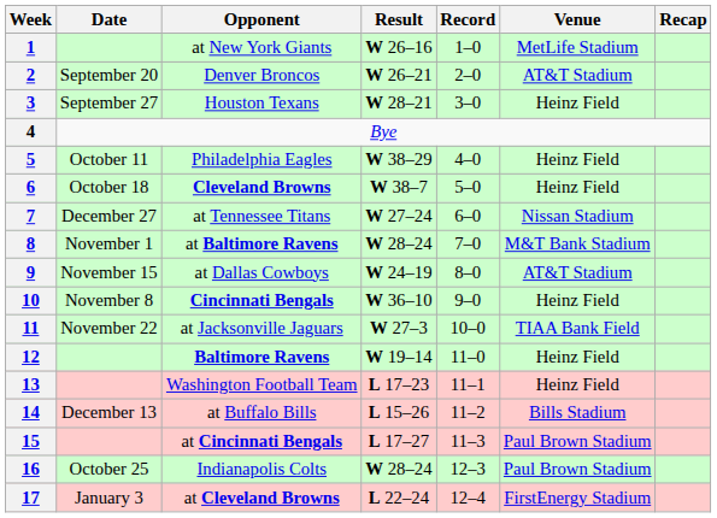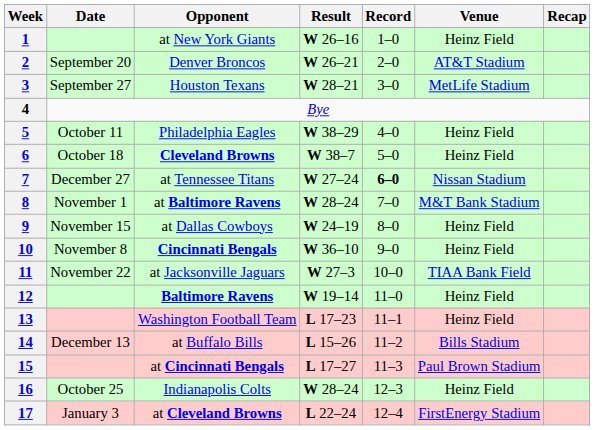 <table class="wikitable" style="text-align:center">
 <tr>
 <th>Week</th>
 <th>Date</th>
 <th>Opponent</th>
 <th>Result</th>
 <th>Record</th>
 <th>Venue</th>
 <th>Recap</th>
 </tr>
 <tr style="background:#cfc">
 <th><a href='#'>1</a></th>
 <td></td>
 <td>at <a href='#'>New York Giants</a></td>
 <td><strong>W</strong> 26–16</td>
 <td>1–0</td>
-<td><a href='#'>MetLife Stadium</a></td>
+<td>Heinz Field</td>
 <td></td>
 </tr>
 <tr style="background:#cfc">
 <th><a href='#'>2</a></th>
 <td>September 20</td>
 <td><a href='#'>Denver Broncos</a></td>
 <td><strong>W</strong> 26–21</td>
 <td>2–0</td>
 <td><a href='#'>AT&T Stadium</a></td>
 <td></td>
 </tr>
 <tr style="background:#cfc">
 <th><a href='#'>3</a></th>
 <td>September 27</td>
 <td><a href='#'>Houston Texans</a></td>
 <td><strong>W</strong> 28–21</td>
 <td>3–0</td>
-<td>Heinz Field</td>
+<td><a href='#'>MetLife Stadium</a></td>
 <td></td>
 </tr>
 <tr>
 <th>4</th>
 <td colspan="6"><em><a href='#'>Bye</a></em></td>
 </tr>
 <tr style="background:#cfc">
 <th><a href='#'>5</a></th>
 <td>October 11</td>
 <td><a href='#'>Philadelphia Eagles</a></td>
 <td><strong>W</strong> 38–29</td>
 <td>4–0</td>
 <td>Heinz Field</td>
 <td></td>
 </tr>
 <tr style="background:#cfc">
 <th><a href='#'>6</a></th>
 <td>October 18</td>
 <td><strong><a href='#'>Cleveland Browns</a></strong></td>
 <td><strong>W</strong> 38–7</td>
 <td>5–0</td>
 <td>Heinz Field</td>
 <td></td>
 </tr>
 <tr style="background:#cfc">
 <th><a href='#'>7</a></th>
 <td>December 27</td>
 <td>at <a href='#'>Tennessee Titans</a></td>
 <td><strong>W</strong> 27–24</td>
-<td>6–0</td>
+<td><strong>6–0</strong></td>
 <td><a href='#'>Nissan Stadium</a></td>
 <td></td>
 </tr>
 <tr style="background:#cfc">
 <th><a href='#'>8</a></th>
 <td>November 1</td>
 <td>at <strong><a href='#'>Baltimore Ravens</a></strong></td>
 <td><strong>W</strong> 28–24</td>
 <td>7–0</td>
 <td><a href='#'>M&T Bank Stadium</a></td>
 <td></td>
 </tr>
 <tr style="background:#cfc">
 <th><a href='#'>9</a></th>
 <td>November 15</td>
 <td>at <a href='#'>Dallas Cowboys</a></td>
 <td><strong>W</strong> 24–19</td>
 <td>8–0</td>
-<td><a href='#'>AT&T Stadium</a></td>
+<td>Heinz Field</td>
 <td></td>
 </tr>
 <tr style="background:#cfc">
 <th><a href='#'>10</a></th>
 <td>November 8</td>
 <td><strong><a href='#'>Cincinnati Bengals</a></strong></td>
 <td><strong>W</strong> 36–10</td>
 <td>9–0</td>
 <td>Heinz Field</td>
 <td></td>
 </tr>
 <tr style="background:#cfc">
 <th><a href='#'>11</a></th>
 <td>November 22</td>
 <td>at <a href='#'>Jacksonville Jaguars</a></td>
 <td><strong>W</strong> 27–3</td>
 <td>10–0</td>
 <td><a href='#'>TIAA Bank Field</a></td>
 <td></td>
 </tr>
 <tr style="background:#cfc">
 <th><a href='#'>12</a></th>
 <td></td>
 <td><strong><a href='#'>Baltimore Ravens</a></strong></td>
 <td><strong>W</strong> 19–14</td>
 <td>11–0</td>
 <td>Heinz Field</td>
 <td></td>
 </tr>
 <tr style="background:#fcc">
 <th><a href='#'>13</a></th>
 <td></td>
 <td><a href='#'>Washington Football Team</a></td>
 <td><strong>L</strong> 17–23</td>
 <td>11–1</td>
 <td>Heinz Field</td>
 <td></td>
 </tr>
 <tr style="background:#fcc">
 <th><a href='#'>14</a></th>
 <td>December 13</td>
 <td>at <a href='#'>Buffalo Bills</a></td>
 <td><strong>L</strong> 15–26</td>
 <td>11–2</td>
 <td><a href='#'>Bills Stadium</a></td>
 <td></td>
 </tr>
 <tr style="background:#fcc">
 <th><a href='#'>15</a></th>
 <td></td>
 <td>at <strong><a href='#'>Cincinnati Bengals</a></strong></td>
 <td><strong>L</strong> 17–27</td>
 <td>11–3</td>
 <td><a href='#'>Paul Brown Stadium</a></td>
 <td></td>
 </tr>
 <tr style="background:#cfc">
 <th><a href='#'>16</a></th>
 <td>October 25</td>
 <td><a href='#'>Indianapolis Colts</a></td>
 <td><strong>W</strong> 28–24</td>
 <td>12–3</td>
-<td><a href='#'>Paul Brown Stadium</a></td>
+<td>Heinz Field</td>
 <td></td>
 </tr>
 <tr style="background:#fcc">
 <th><a href='#'>17</a></th>
 <td>January 3</td>
 <td>at <strong><a href='#'>Cleveland Browns</a></strong></td>
 <td><strong>L</strong> 22–24</td>
 <td>12–4</td>
 <td><a href='#'>FirstEnergy Stadium</a></td>
 <td></td>
 </tr>
 </table>
